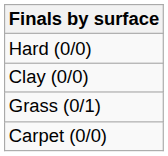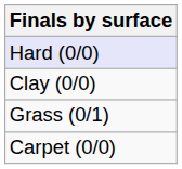 <table class="wikitable sortable mw-collapsible mw-collapsed">
 <tr>
 <th>Finals by surface</th>
 </tr>
 <tr>
-<td>Hard (0/0)</td>
+<td style="background: lavender;">Hard (0/0)</td>
 </tr>
 <tr>
 <td>Clay (0/0)</td>
 </tr>
 <tr>
 <td>Grass (0/1)</td>
 </tr>
 <tr>
 <td>Carpet (0/0)</td>
 </tr>
 </table>
